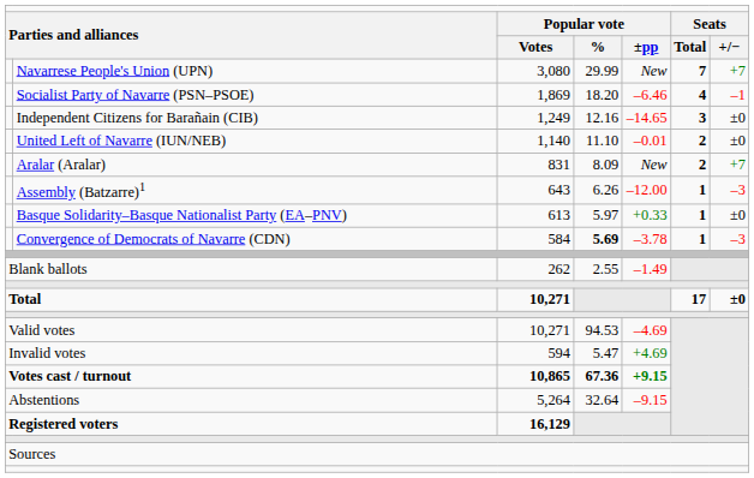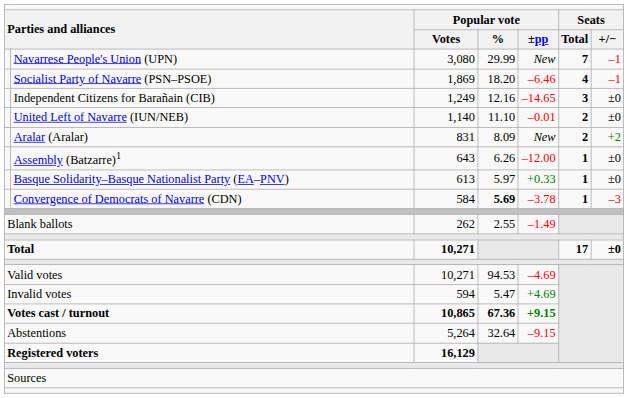 <table class="wikitable" style="text-align:right;">
 <tr>
 <td colspan="7"></td>
 </tr>
 <tr>
 <th style="text-align:left;" rowspan="2" colspan="2" width="525">Parties and alliances</th>
 <th colspan="3">Popular vote</th>
 <th colspan="2">Seats</th>
 </tr>
 <tr>
 <th width="75">Votes</th>
 <th width="45">%</th>
 <th width="45">±<a href='#'>pp</a></th>
 <th width="35">Total</th>
 <th width="35">+/−</th>
 </tr>
 <tr>
 <td width="1" style="color:inherit;background:"></td>
 <td align="left"><a href='#'>Navarrese People's Union</a> (UPN)</td>
 <td>3,080</td>
 <td>29.99</td>
 <td><em>New</em></td>
 <td><strong>7</strong></td>
-<td style="color:green;">+7</td>
+<td style="color:red;">–1</td>
 </tr>
 <tr>
 <td style="color:inherit;background:"></td>
 <td align="left"><a href='#'>Socialist Party of Navarre</a> (PSN–PSOE)</td>
 <td>1,869</td>
 <td>18.20</td>
 <td style="color:red;">–6.46</td>
 <td><strong>4</strong></td>
 <td style="color:red;">–1</td>
 </tr>
 <tr>
 <td style="color:inherit;background:"></td>
 <td align="left">Independent Citizens for Barañain (CIB)</td>
 <td>1,249</td>
 <td>12.16</td>
 <td style="color:red;">–14.65</td>
 <td><strong>3</strong></td>
 <td>±0</td>
 </tr>
 <tr>
 <td style="color:inherit;background:"></td>
 <td align="left"><a href='#'>United Left of Navarre</a> (IUN/NEB)</td>
 <td>1,140</td>
 <td>11.10</td>
 <td style="color:red;">–0.01</td>
 <td><strong>2</strong></td>
 <td>±0</td>
 </tr>
 <tr>
 <td style="color:inherit;background:"></td>
 <td align="left"><a href='#'>Aralar</a> (Aralar)</td>
 <td>831</td>
 <td>8.09</td>
 <td><em>New</em></td>
 <td><strong>2</strong></td>
-<td style="color:green;">+7</td>
+<td style="color:green;">+2</td>
 </tr>
 <tr>
 <td style="color:inherit;background:"></td>
 <td align="left"><a href='#'>Assembly</a> (Batzarre)<sup>1</sup></td>
 <td>643</td>
 <td>6.26</td>
 <td style="color:red;">–12.00</td>
 <td><strong>1</strong></td>
-<td style="color:red;">–3</td>
+<td>±0</td>
 </tr>
 <tr>
 <td style="color:inherit;background:"></td>
 <td align="left"><a href='#'>Basque Solidarity–Basque Nationalist Party</a> (<a href='#'>EA</a>–<a href='#'>PNV</a>)</td>
 <td>613</td>
 <td>5.97</td>
 <td style="color:green;">+0.33</td>
 <td><strong>1</strong></td>
 <td>±0</td>
 </tr>
 <tr>
 <td style="color:inherit;background:"></td>
 <td align="left"><a href='#'>Convergence of Democrats of Navarre</a> (CDN)</td>
 <td>584</td>
 <td><strong>5.69</strong></td>
 <td style="color:red;">–3.78</td>
 <td><strong>1</strong></td>
 <td style="color:red;">–3</td>
 </tr>
 <tr>
 <td colspan="7" bgcolor="#C0C0C0"></td>
 </tr>
 <tr>
 <td align="left" colspan="2">Blank ballots</td>
 <td>262</td>
 <td>2.55</td>
 <td style="color:red;">–1.49</td>
 <td bgcolor="#E9E9E9" colspan="2"></td>
 </tr>
 <tr>
 <td colspan="7" bgcolor="#E9E9E9"></td>
 </tr>
 <tr style="font-weight:bold;">
 <td align="left" colspan="2">Total</td>
 <td>10,271</td>
 <td bgcolor="#E9E9E9" colspan="2"></td>
 <td>17</td>
 <td>±0</td>
 </tr>
 <tr>
 <td colspan="7" bgcolor="#E9E9E9"></td>
 </tr>
 <tr>
 <td align="left" colspan="2">Valid votes</td>
 <td>10,271</td>
 <td>94.53</td>
 <td style="color:red;">–4.69</td>
 <td bgcolor="#E9E9E9" colspan="2" rowspan="5"></td>
 </tr>
 <tr>
 <td align="left" colspan="2">Invalid votes</td>
 <td>594</td>
 <td>5.47</td>
 <td style="color:green;">+4.69</td>
 </tr>
 <tr style="font-weight:bold;">
 <td align="left" colspan="2">Votes cast / turnout</td>
 <td>10,865</td>
 <td>67.36</td>
 <td style="color:green;">+9.15</td>
 </tr>
 <tr>
 <td align="left" colspan="2">Abstentions</td>
 <td>5,264</td>
 <td>32.64</td>
 <td style="color:red;">–9.15</td>
 </tr>
 <tr style="font-weight:bold;">
 <td align="left" colspan="2">Registered voters</td>
 <td>16,129</td>
 <td bgcolor="#E9E9E9" colspan="2"></td>
 </tr>
 <tr>
 <td colspan="7" bgcolor="#E9E9E9"></td>
 </tr>
 <tr>
 <td align="left" colspan="7">Sources</td>
 </tr>
 <tr>
 <td colspan="7" style="text-align:left; max-width:790px;"></td>
 </tr>
 </table>
